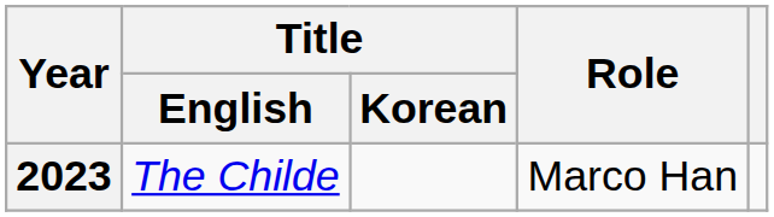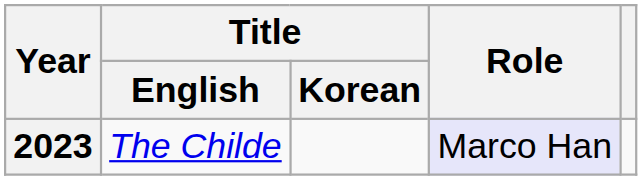 <table class="wikitable sortable plainrowheaders" style="text-align:left; font-size:100%;">
 <tr>
 <th rowspan="2" scope="col">Year</th>
 <th colspan="2" scope="col">Title</th>
 <th rowspan="2" scope="col">Role</th>
 <th rowspan="2" scope="col" class="unsortable"></th>
 </tr>
 <tr>
 <th>English</th>
 <th>Korean</th>
 </tr>
 <tr>
 <th scope="row">2023</th>
 <td><em><a href='#'>The Childe</a></em></td>
 <td></td>
-<td>Marco Han</td>
+<td style="background: lavender;">Marco Han</td>
 <td></td>
 </tr>
 </table>
